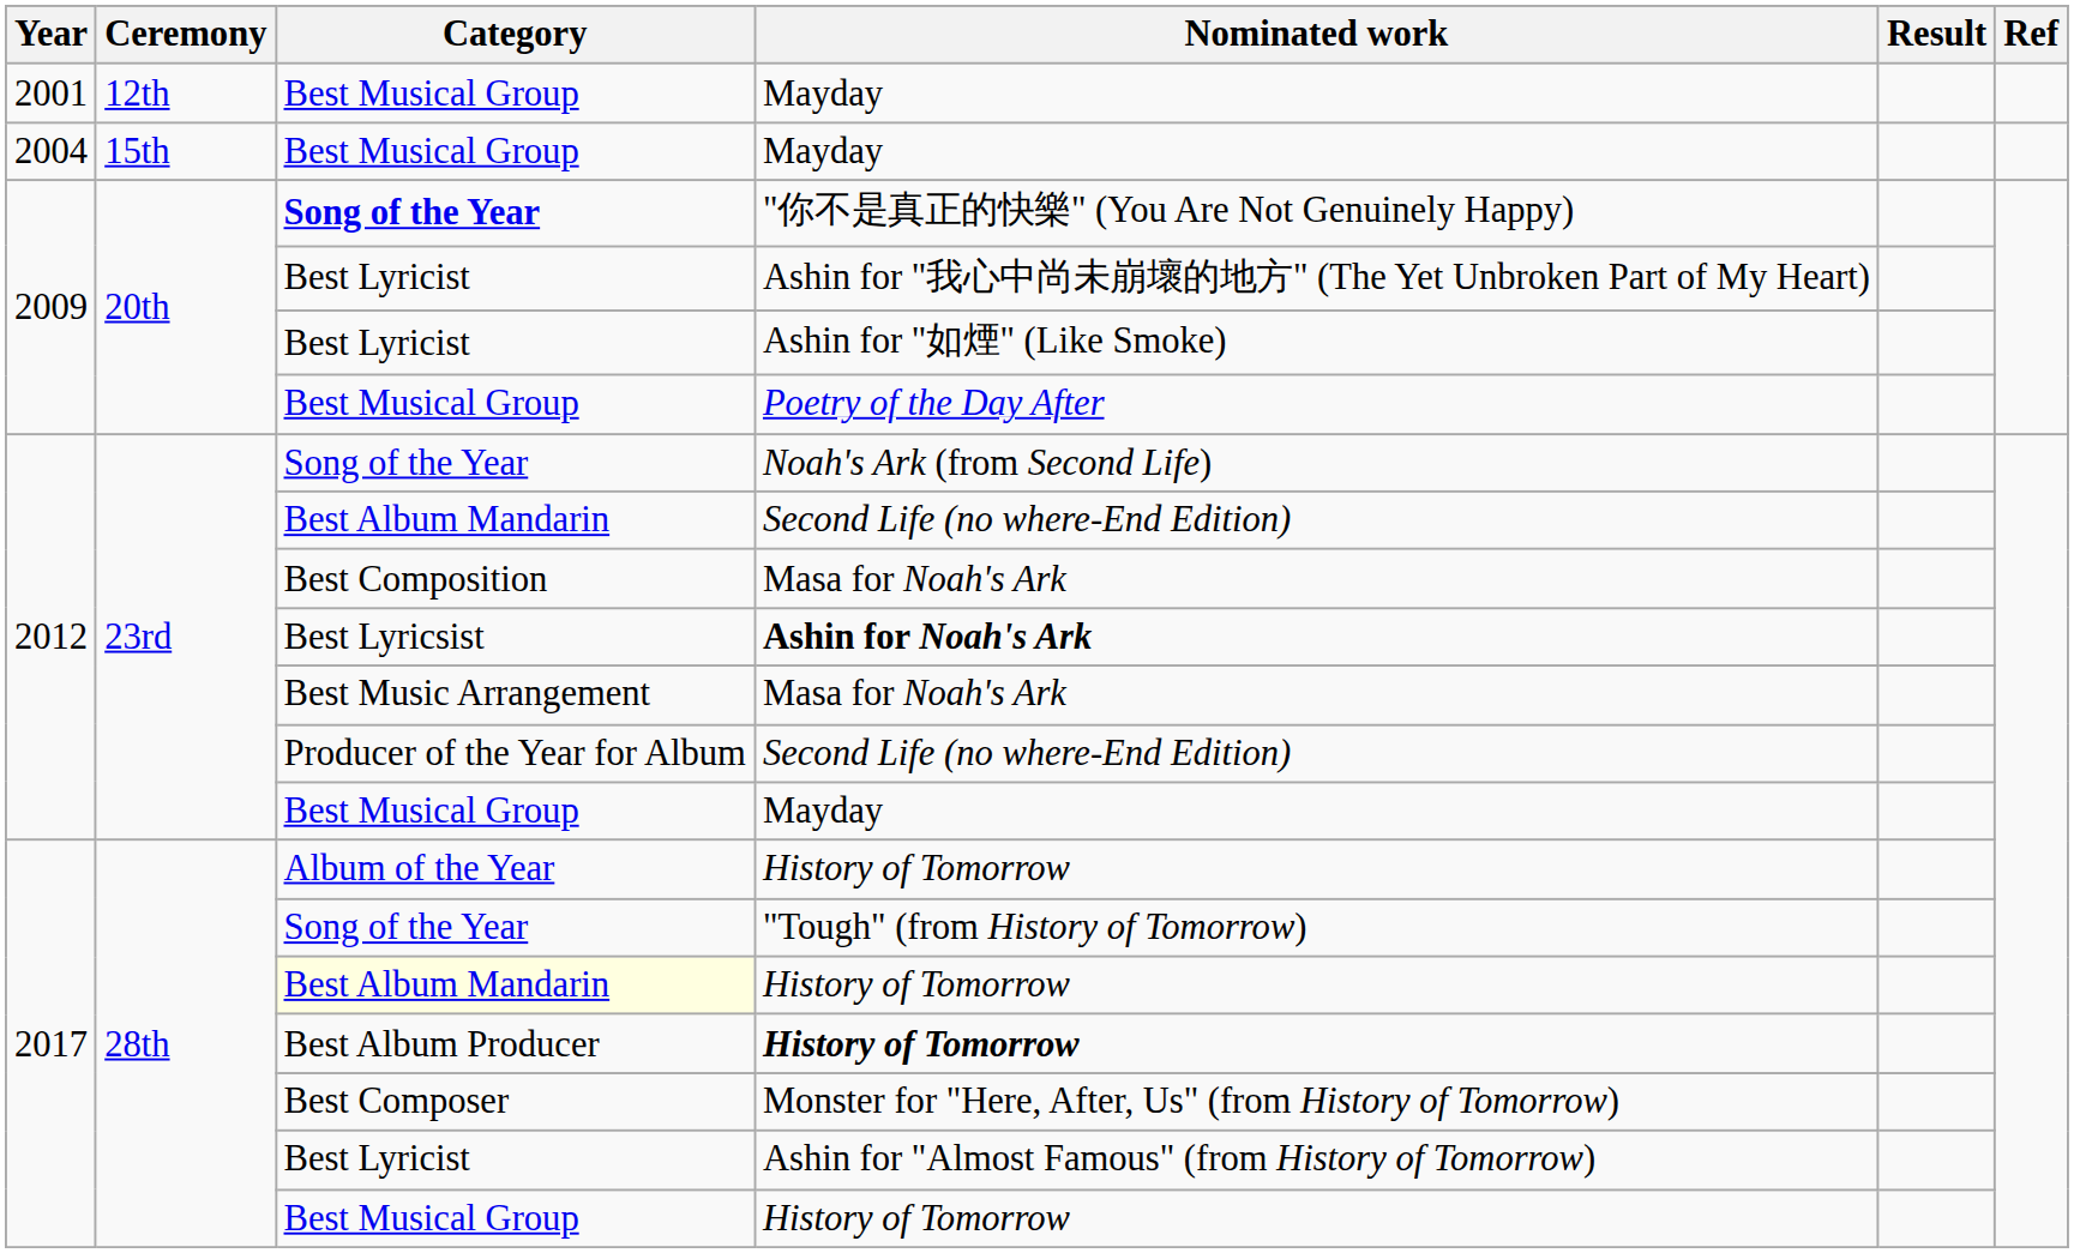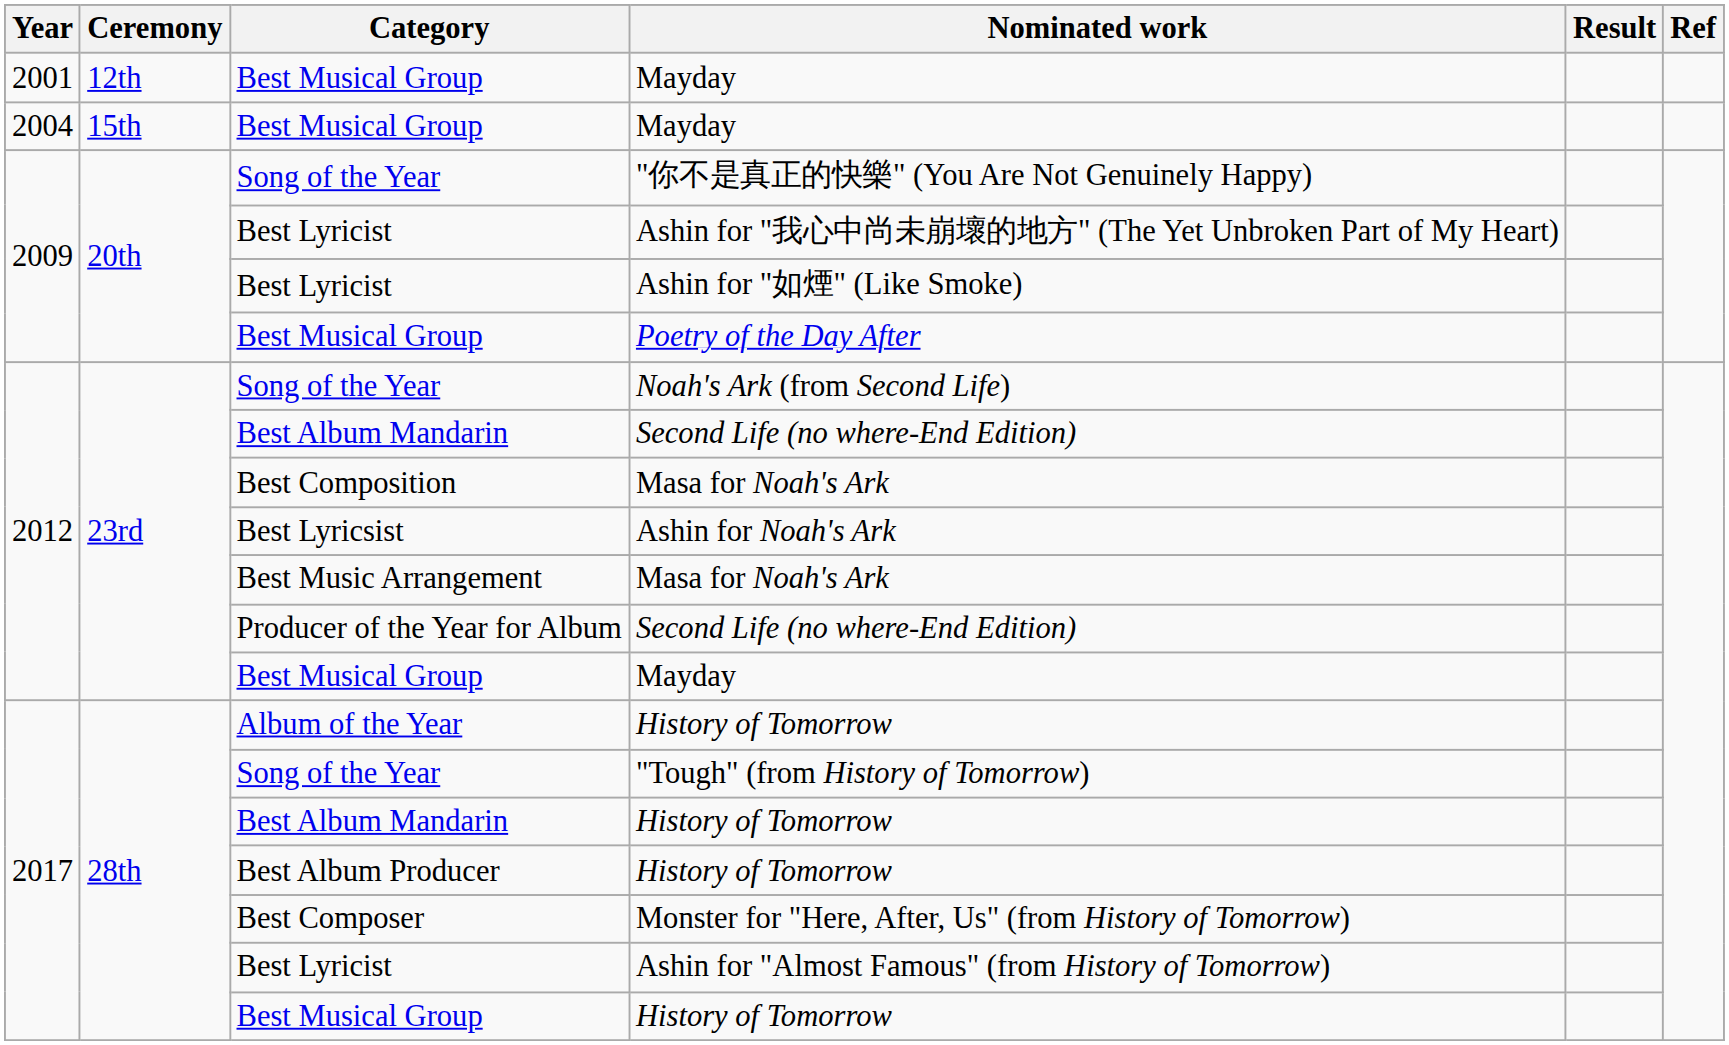 <table class="wikitable sortable">
 <tr>
 <th>Year</th>
 <th>Ceremony</th>
 <th>Category</th>
 <th>Nominated work</th>
 <th>Result</th>
 <th>Ref</th>
 </tr>
 <tr>
 <td>2001</td>
 <td><a href='#'>12th</a></td>
 <td><a href='#'>Best Musical Group</a></td>
 <td>Mayday</td>
 <td></td>
 <td></td>
 </tr>
 <tr>
 <td>2004</td>
 <td><a href='#'>15th</a></td>
 <td><a href='#'>Best Musical Group</a></td>
 <td>Mayday</td>
 <td></td>
 <td></td>
 </tr>
 <tr>
 <td rowspan="4">2009</td>
 <td rowspan="4"><a href='#'>20th</a></td>
-<td><strong><a href='#'>Song of the Year</a></strong></td>
+<td><a href='#'>Song of the Year</a></td>
 <td>"你不是真正的快樂" (You Are Not Genuinely Happy)</td>
 <td></td>
 <td rowspan="4" align="center"></td>
 </tr>
 <tr>
 <td>Best Lyricist</td>
 <td>Ashin for "我心中尚未崩壞的地方" (The Yet Unbroken Part of My Heart)</td>
 <td></td>
 </tr>
 <tr>
 <td>Best Lyricist</td>
 <td>Ashin for "如煙" (Like Smoke)</td>
 <td></td>
 </tr>
 <tr>
 <td><a href='#'>Best Musical Group</a></td>
 <td><em><a href='#'>Poetry of the Day After</a></em></td>
 <td></td>
 </tr>
 <tr>
 <td rowspan="7">2012</td>
 <td rowspan="7"><a href='#'>23rd</a></td>
 <td><a href='#'>Song of the Year</a></td>
 <td><em>Noah's Ark</em> (from <em>Second Life</em>)</td>
 <td></td>
 </tr>
 <tr>
 <td><a href='#'>Best Album Mandarin</a></td>
 <td><em>Second Life (no where-End Edition)</em></td>
 <td></td>
 </tr>
 <tr>
 <td>Best Composition</td>
 <td>Masa for <em>Noah's Ark</em></td>
 <td></td>
 </tr>
 <tr>
 <td>Best Lyricsist</td>
-<td><strong>Ashin for <em>Noah's Ark</em></strong></td>
+<td>Ashin for <em>Noah's Ark</em></td>
 <td></td>
 </tr>
 <tr>
 <td>Best Music Arrangement</td>
 <td>Masa for <em>Noah's Ark</em></td>
 <td></td>
 </tr>
 <tr>
 <td>Producer of the Year for Album</td>
 <td><em>Second Life (no where-End Edition)</em></td>
 <td></td>
 </tr>
 <tr>
 <td><a href='#'>Best Musical Group</a></td>
 <td>Mayday</td>
 <td></td>
 </tr>
 <tr>
 <td rowspan="7">2017</td>
 <td rowspan="7"><a href='#'>28th</a></td>
 <td><a href='#'>Album of the Year</a></td>
 <td><em>History of Tomorrow</em></td>
 <td></td>
 </tr>
 <tr>
 <td><a href='#'>Song of the Year</a></td>
 <td>"Tough" (from <em>History of Tomorrow</em>)</td>
 <td></td>
 </tr>
 <tr>
-<td style="background: lightyellow;"><a href='#'>Best Album Mandarin</a></td>
+<td><a href='#'>Best Album Mandarin</a></td>
 <td><em>History of Tomorrow</em></td>
 <td></td>
 </tr>
 <tr>
 <td>Best Album Producer</td>
-<td><strong><em>History of Tomorrow</em></strong></td>
+<td><em>History of Tomorrow</em></td>
 <td></td>
 </tr>
 <tr>
 <td>Best Composer</td>
 <td>Monster for "Here, After, Us" (from <em>History of Tomorrow</em>)</td>
 <td></td>
 </tr>
 <tr>
 <td>Best Lyricist</td>
 <td>Ashin for "Almost Famous" (from <em>History of Tomorrow</em>)</td>
 <td></td>
 </tr>
 <tr>
 <td><a href='#'>Best Musical Group</a></td>
 <td><em>History of Tomorrow</em></td>
 <td></td>
 </tr>
 </table>
